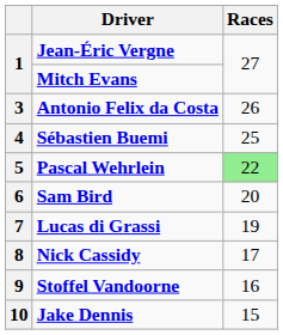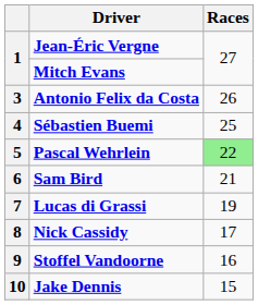 <table class="wikitable">
 <tr>
 <th></th>
 <th>Driver</th>
 <th>Races</th>
 </tr>
 <tr>
 <th rowspan=2>1</th>
 <td> <strong><a href='#'>Jean-Éric Vergne</a></strong></td>
 <td rowspan=2 align=center>27</td>
 </tr>
 <tr>
 <td> <strong><a href='#'>Mitch Evans</a></strong></td>
 </tr>
 <tr>
 <th>3</th>
 <td> <strong><a href='#'>Antonio Felix da Costa</a></strong></td>
 <td align=center>26</td>
 </tr>
 <tr>
 <th>4</th>
 <td> <strong><a href='#'>Sébastien Buemi</a></strong></td>
 <td align=center>25</td>
 </tr>
 <tr>
 <th>5</th>
 <td> <strong><a href='#'>Pascal Wehrlein</a></strong></td>
 <td align=center style="background: lightgreen;">22</td>
 </tr>
 <tr>
 <th>6</th>
 <td> <strong><a href='#'>Sam Bird</a></strong></td>
-<td align=center>20</td>
+<td align=center>21</td>
 </tr>
 <tr>
 <th>7</th>
 <td> <strong><a href='#'>Lucas di Grassi</a></strong></td>
 <td align=center>19</td>
 </tr>
 <tr>
 <th>8</th>
 <td> <strong><a href='#'>Nick Cassidy</a></strong></td>
 <td align=center>17</td>
 </tr>
 <tr>
 <th>9</th>
 <td> <strong><a href='#'>Stoffel Vandoorne</a></strong></td>
 <td align="center">16</td>
 </tr>
 <tr>
 <th>10</th>
 <td> <strong><a href='#'>Jake Dennis</a></strong></td>
 <td align="center">15</td>
 </tr>
 </table>
